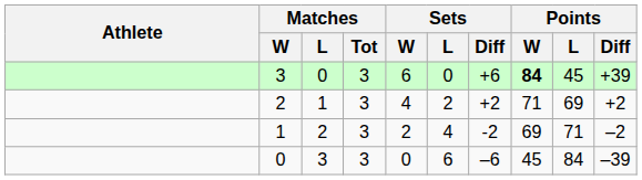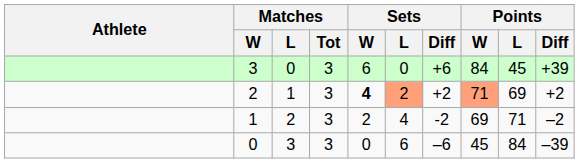 <table class=wikitable style="text-align:center">
 <tr>
 <th rowspan=2 width=220>Athlete</th>
 <th colspan=3 width=90>Matches</th>
 <th colspan=3 width=90>Sets</th>
 <th colspan=3 width=90>Points</th>
 </tr>
 <tr>
 <th width=30>W</th>
 <th width=30>L</th>
 <th width=30>Tot</th>
 <th width=30>W</th>
 <th width=30>L</th>
 <th width=30>Diff</th>
 <th width=30>W</th>
 <th width=30>L</th>
 <th width=30>Diff</th>
 </tr>
 <tr bgcolor=ccffcc>
 <td style="text-align:left"></td>
 <td>3</td>
 <td>0</td>
 <td>3</td>
 <td>6</td>
 <td>0</td>
 <td>+6</td>
-<td><strong>84</strong></td>
+<td>84</td>
 <td>45</td>
 <td>+39</td>
 </tr>
 <tr>
 <td style="text-align:left"></td>
 <td>2</td>
 <td>1</td>
 <td>3</td>
-<td>4</td>
-<td>2</td>
+<td><strong>4</strong></td>
+<td style="background: lightsalmon;">2</td>
 <td>+2</td>
-<td>71</td>
+<td style="background: lightsalmon;">71</td>
 <td>69</td>
 <td>+2</td>
 </tr>
 <tr>
 <td style="text-align:left"></td>
 <td>1</td>
 <td>2</td>
 <td>3</td>
 <td>2</td>
 <td>4</td>
 <td>-2</td>
 <td>69</td>
 <td>71</td>
 <td>–2</td>
 </tr>
 <tr>
 <td style="text-align:left"></td>
 <td>0</td>
 <td>3</td>
 <td>3</td>
 <td>0</td>
 <td>6</td>
 <td>–6</td>
 <td>45</td>
 <td>84</td>
 <td>–39</td>
 </tr>
 </table>
